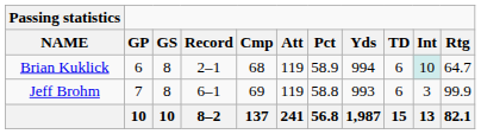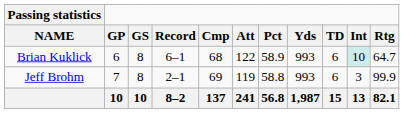 <table class="wikitable sortable" style="text-align:center;">
 <tr>
 <th style="text-align:center;">Passing statistics</th>
 </tr>
 <tr>
 <th>NAME</th>
 <th>GP</th>
 <th>GS</th>
 <th>Record</th>
 <th>Cmp</th>
 <th>Att</th>
 <th>Pct</th>
 <th>Yds</th>
 <th>TD</th>
 <th>Int</th>
 <th>Rtg</th>
 </tr>
 <tr>
 <td><a href='#'>Brian Kuklick</a></td>
 <td>6</td>
 <td>8</td>
-<td>2–1</td>
+<td>6–1</td>
 <td>68</td>
-<td>119</td>
+<td>122</td>
 <td>58.9</td>
-<td>994</td>
+<td>993</td>
 <td>6</td>
 <td style="background:#cfecec;">10</td>
 <td>64.7</td>
 </tr>
 <tr>
 <td><a href='#'>Jeff Brohm</a></td>
 <td>7</td>
 <td>8</td>
-<td>6–1</td>
+<td>2–1</td>
 <td>69</td>
 <td>119</td>
 <td>58.8</td>
 <td>993</td>
 <td>6</td>
 <td>3</td>
 <td>99.9</td>
 </tr>
 <tr>
 <th colspan="1"></th>
 <th>10</th>
 <th>10</th>
 <th>8–2</th>
 <th>137</th>
 <th>241</th>
 <th>56.8</th>
 <th>1,987</th>
 <th>15</th>
 <th>13</th>
 <th>82.1</th>
 </tr>
 </table>
